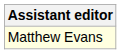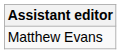 <table class="wikitable">
 <tr>
 <th>Assistant editor</th>
 </tr>
 <tr>
-<td style="background: lightyellow;">Matthew Evans</td>
+<td>Matthew Evans</td>
 </tr>
 </table>
